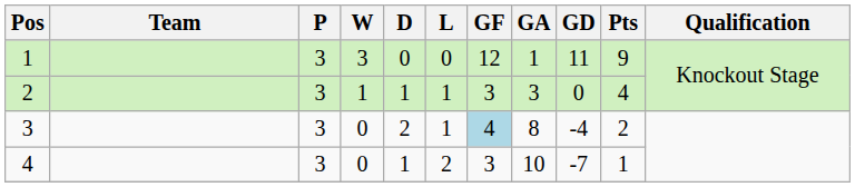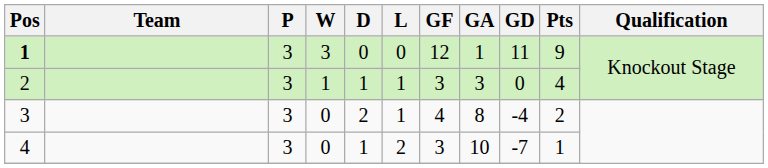 <table class="wikitable" border="1">
 <tr>
 <th width="25"><abbr>Pos</abbr></th>
 <th width="200">Team</th>
 <th width="25">P</th>
 <th width="25">W</th>
 <th width="25">D</th>
 <th width="25">L</th>
 <th width="25"><abbr>GF</abbr></th>
 <th width="25"><abbr>GA</abbr></th>
 <th width="25"><abbr>GD</abbr></th>
 <th width="25"><abbr>Pts</abbr></th>
 <th width="150">Qualification</th>
 </tr>
 <tr bgcolor= #D0F0C0>
-<td align="center">1</td>
+<td align="center"><strong>1</strong></td>
 <td></td>
 <td align="center">3</td>
 <td align="center">3</td>
 <td align="center">0</td>
 <td align="center">0</td>
 <td align="center">12</td>
 <td align="center">1</td>
 <td align="center">11</td>
 <td align="center">9</td>
 <td align="center" rowspan=2>Knockout Stage</td>
 </tr>
 <tr bgcolor= #D0F0C0>
 <td align="center">2</td>
 <td></td>
 <td align="center">3</td>
 <td align="center">1</td>
 <td align="center">1</td>
 <td align="center">1</td>
 <td align="center">3</td>
 <td align="center">3</td>
 <td align="center">0</td>
 <td align="center">4</td>
 </tr>
 <tr>
 <td align="center">3</td>
 <td></td>
 <td align="center">3</td>
 <td align="center">0</td>
 <td align="center">2</td>
 <td align="center">1</td>
-<td align="center" style="background: lightblue;">4</td>
+<td align="center">4</td>
 <td align="center">8</td>
 <td align="center">-4</td>
 <td align="center">2</td>
 </tr>
 <tr>
 <td align="center">4</td>
 <td></td>
 <td align="center">3</td>
 <td align="center">0</td>
 <td align="center">1</td>
 <td align="center">2</td>
 <td align="center">3</td>
 <td align="center">10</td>
 <td align="center">-7</td>
 <td align="center">1</td>
 </tr>
 <tr>
 </tr>
 </table>
